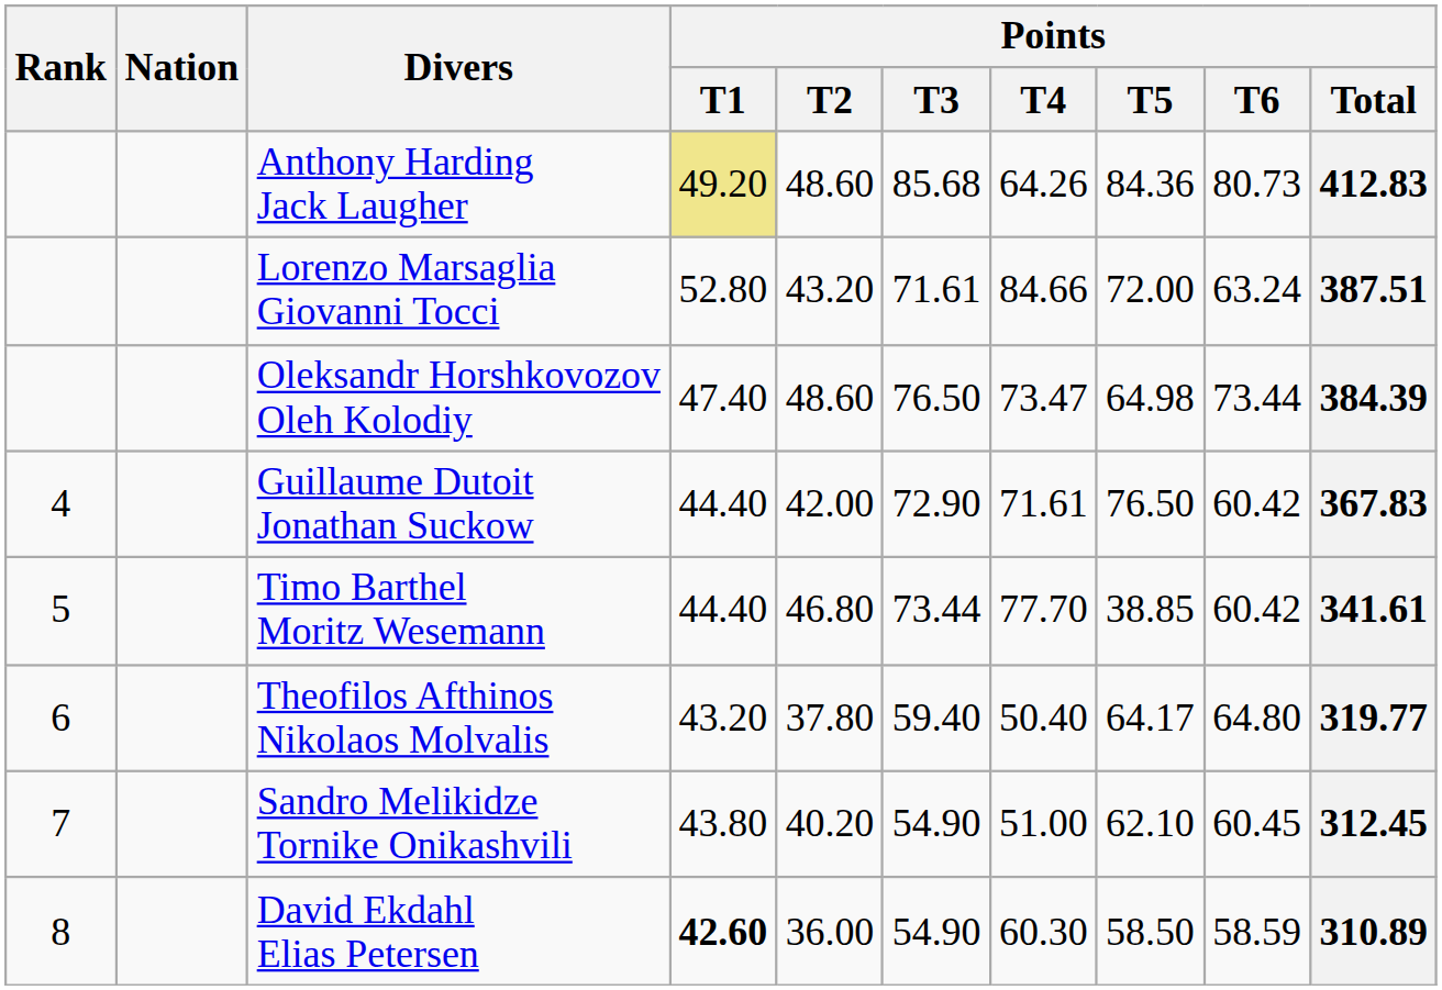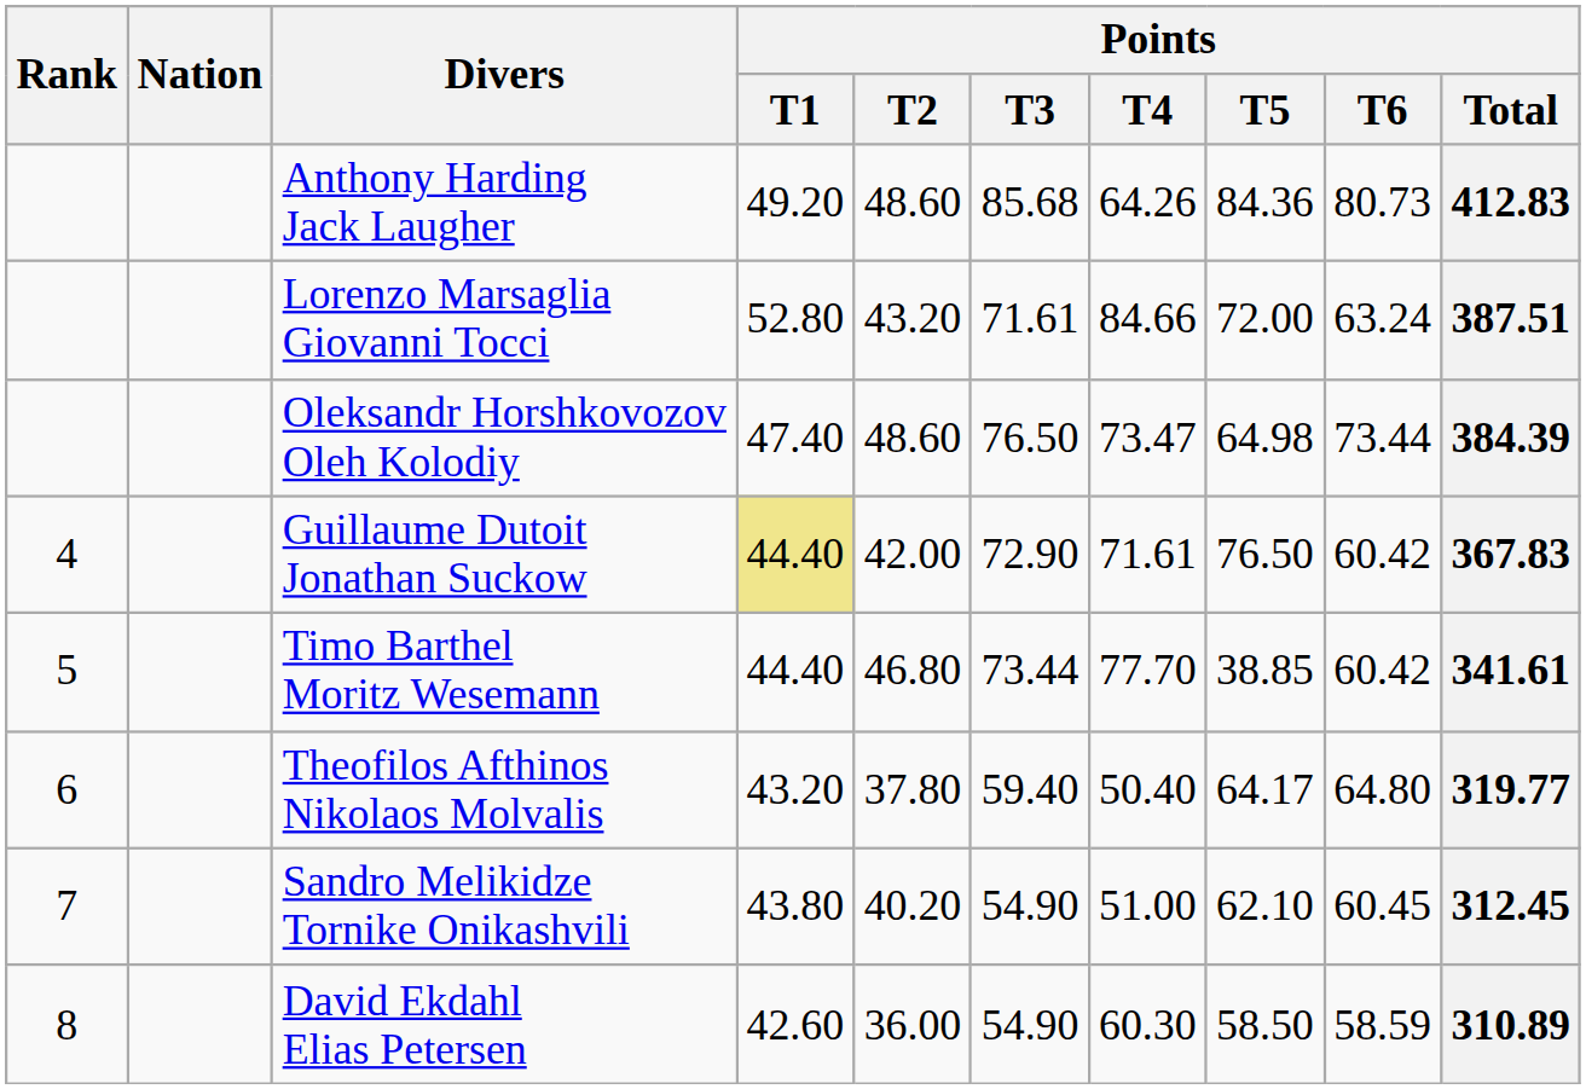 <table class="wikitable" style="text-align:center">
 <tr>
 <th rowspan=2>Rank</th>
 <th rowspan=2>Nation</th>
 <th rowspan=2>Divers</th>
 <th colspan=7>Points</th>
 </tr>
 <tr>
 <th>T1</th>
 <th>T2</th>
 <th>T3</th>
 <th>T4</th>
 <th>T5</th>
 <th>T6</th>
 <th>Total</th>
 </tr>
 <tr>
 <td></td>
 <td align=left></td>
 <td align=left><a href='#'>Anthony Harding</a><br><a href='#'>Jack Laugher</a></td>
-<td style="background: khaki;">49.20</td>
+<td>49.20</td>
 <td>48.60</td>
 <td>85.68</td>
 <td>64.26</td>
 <td>84.36</td>
 <td>80.73</td>
 <th>412.83</th>
 </tr>
 <tr>
 <td></td>
 <td align=left></td>
 <td align=left><a href='#'>Lorenzo Marsaglia</a><br><a href='#'>Giovanni Tocci</a></td>
 <td>52.80</td>
 <td>43.20</td>
 <td>71.61</td>
 <td>84.66</td>
 <td>72.00</td>
 <td>63.24</td>
 <th>387.51</th>
 </tr>
 <tr>
 <td></td>
 <td align=left></td>
 <td align=left><a href='#'>Oleksandr Horshkovozov</a><br><a href='#'>Oleh Kolodiy</a></td>
 <td>47.40</td>
 <td>48.60</td>
 <td>76.50</td>
 <td>73.47</td>
 <td>64.98</td>
 <td>73.44</td>
 <th>384.39</th>
 </tr>
 <tr>
 <td>4</td>
 <td align=left></td>
 <td align=left><a href='#'>Guillaume Dutoit</a><br><a href='#'>Jonathan Suckow</a></td>
-<td>44.40</td>
+<td style="background: khaki;">44.40</td>
 <td>42.00</td>
 <td>72.90</td>
 <td>71.61</td>
 <td>76.50</td>
 <td>60.42</td>
 <th>367.83</th>
 </tr>
 <tr>
 <td>5</td>
 <td align=left></td>
 <td align=left><a href='#'>Timo Barthel</a><br><a href='#'>Moritz Wesemann</a></td>
 <td>44.40</td>
 <td>46.80</td>
 <td>73.44</td>
 <td>77.70</td>
 <td>38.85</td>
 <td>60.42</td>
 <th>341.61</th>
 </tr>
 <tr>
 <td>6</td>
 <td align=left></td>
 <td align=left><a href='#'>Theofilos Afthinos</a><br><a href='#'>Nikolaos Molvalis</a></td>
 <td>43.20</td>
 <td>37.80</td>
 <td>59.40</td>
 <td>50.40</td>
 <td>64.17</td>
 <td>64.80</td>
 <th>319.77</th>
 </tr>
 <tr>
 <td>7</td>
 <td align=left></td>
 <td align=left><a href='#'>Sandro Melikidze</a><br><a href='#'>Tornike Onikashvili</a></td>
 <td>43.80</td>
 <td>40.20</td>
 <td>54.90</td>
 <td>51.00</td>
 <td>62.10</td>
 <td>60.45</td>
 <th>312.45</th>
 </tr>
 <tr>
 <td>8</td>
 <td align=left></td>
 <td align=left><a href='#'>David Ekdahl</a><br><a href='#'>Elias Petersen</a></td>
-<td><strong>42.60</strong></td>
+<td>42.60</td>
 <td>36.00</td>
 <td>54.90</td>
 <td>60.30</td>
 <td>58.50</td>
 <td>58.59</td>
 <th>310.89</th>
 </tr>
 </table>
